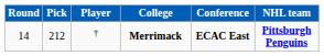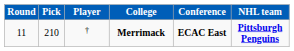 <table class="wikitable sortable" width="75%">
 <tr>
 <th style="color:white; background-color:#005EB8; width: 4em;">Round</th>
 <th style="color:white; background-color:#005EB8; width: 4em;">Pick</th>
 <th style="color:white; background-color:#005EB8; width: 12em;">Player</th>
 <th style="color:white; background-color:#005EB8; width: 13em;">College</th>
 <th style="color:white; background-color:#005EB8; width: 9em;">Conference</th>
 <th style="color:white; background-color:#005EB8; width: 11em;">NHL team</th>
 </tr>
 <tr align="center" bgcolor="">
-<td>14</td>
-<td>212</td>
+<td>11</td>
+<td>210</td>
 <td> <sup>†</sup></td>
 <td><strong>Merrimack</strong></td>
 <td><strong>ECAC East</strong></td>
 <td><strong><a href='#'>Pittsburgh Penguins</a></strong></td>
 </tr>
 </table>
